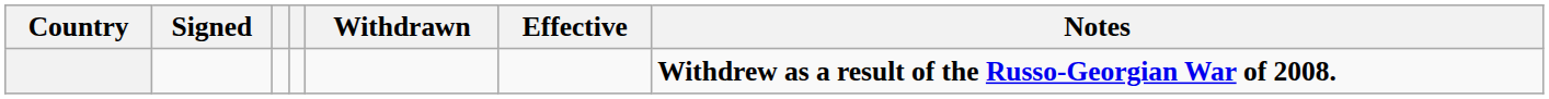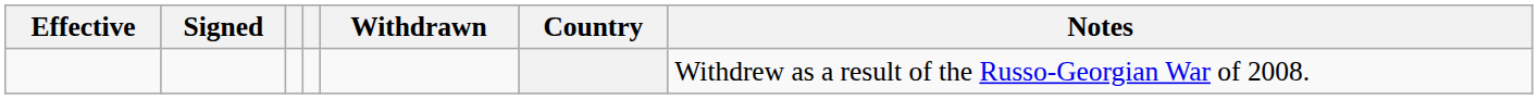 <table class="wikitable plainrowheaders"; width=100%>
 <tr>
-<th scope="col">Country</th>
+<th scope="col">Effective</th>
 <th scope="col">Signed</th>
 <th scope="col"></th>
 <th scope="col"></th>
 <th scope="col">Withdrawn</th>
-<th scope="col">Effective</th>
+<th scope="col">Country</th>
 <th scope="col">Notes</th>
 </tr>
 <tr>
-<th scope="row"></th>
 <td></td>
 <td></td>
 <td></td>
 <td></td>
 <td></td>
-<td><strong>Withdrew as a result of the <a href='#'>Russo-Georgian War</a> of 2008.</strong></td>
+<th scope="row"></th>
+<td>Withdrew as a result of the <a href='#'>Russo-Georgian War</a> of 2008.</td>
 </tr>
 </table>
